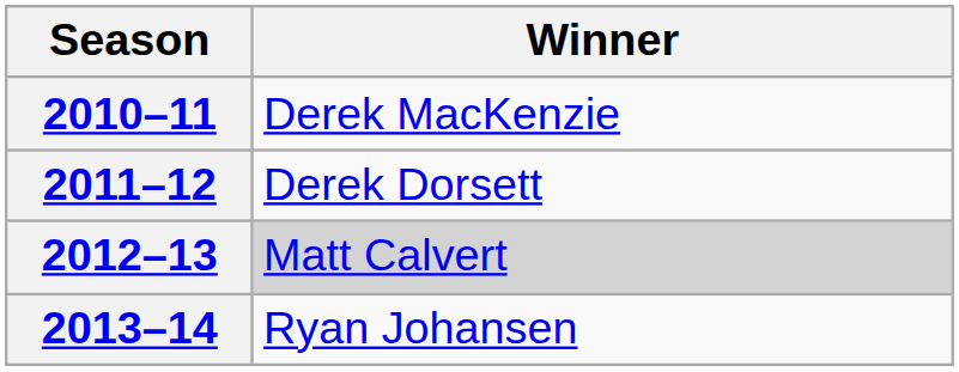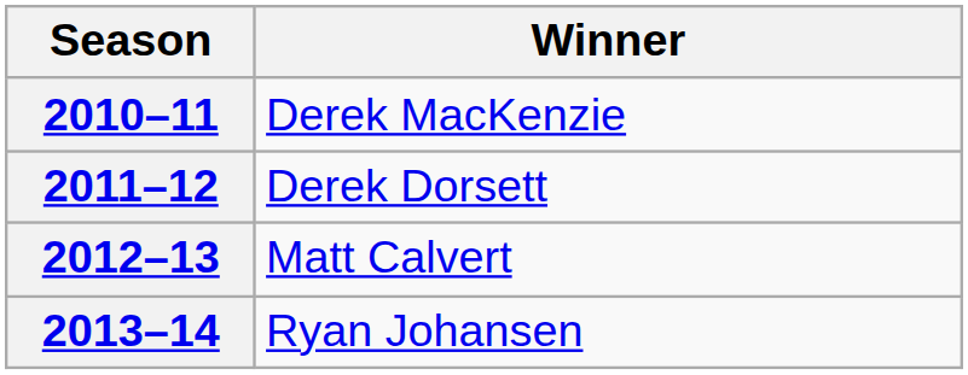 <table class="wikitable">
 <tr>
 <th scope="col" style="width:5em">Season</th>
 <th scope="col" style="width:15em">Winner</th>
 </tr>
 <tr>
 <th scope="row"><a href='#'>2010–11</a></th>
 <td><a href='#'>Derek MacKenzie</a></td>
 </tr>
 <tr>
 <th scope="row"><a href='#'>2011–12</a></th>
 <td><a href='#'>Derek Dorsett</a></td>
 </tr>
 <tr>
 <th scope="row"><a href='#'>2012–13</a></th>
-<td style="background: lightgrey;"><a href='#'>Matt Calvert</a></td>
+<td><a href='#'>Matt Calvert</a></td>
 </tr>
 <tr>
 <th scope="row"><a href='#'>2013–14</a></th>
 <td><a href='#'>Ryan Johansen</a></td>
 </tr>
 </table>
